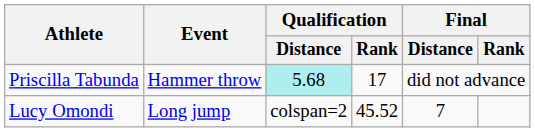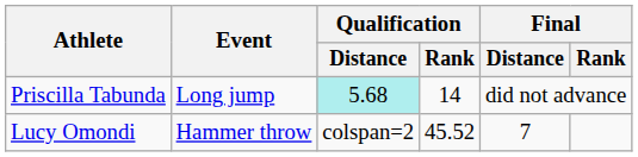 <table class="wikitable" style="font-size:90%">
 <tr>
 <th rowspan=2>Athlete</th>
 <th rowspan=2>Event</th>
 <th colspan=2>Qualification</th>
 <th colspan=2>Final</th>
 </tr>
 <tr style="font-size:95%">
 <th>Distance</th>
 <th>Rank</th>
 <th>Distance</th>
 <th>Rank</th>
 </tr>
 <tr align=center>
 <td align=left><a href='#'>Priscilla Tabunda</a></td>
-<td style="text-align:left;"><a href='#'>Hammer throw</a></td>
+<td style="text-align:left;"><a href='#'>Long jump</a></td>
 <td style="background: paleturquoise;">5.68</td>
-<td>17</td>
+<td>14</td>
 <td colspan=2>did not advance</td>
 </tr>
 <tr align=center>
 <td align=left><a href='#'>Lucy Omondi</a></td>
-<td style="text-align:left;"><a href='#'>Long jump</a></td>
+<td style="text-align:left;"><a href='#'>Hammer throw</a></td>
 <td>colspan=2</td>
 <td>45.52</td>
 <td>7</td>
 </tr>
 </table>
